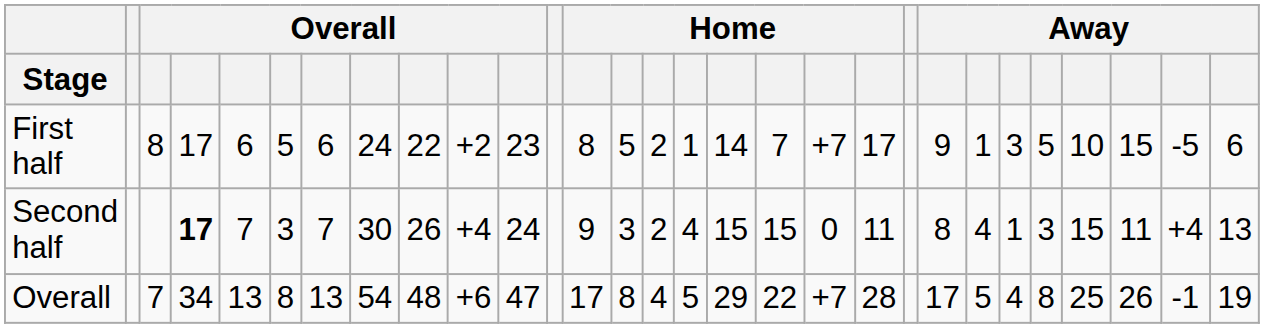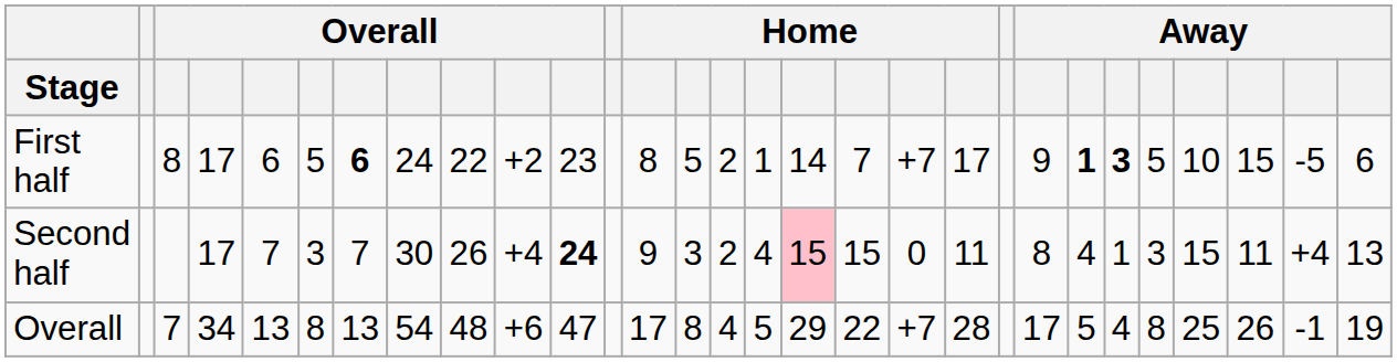 <table class="wikitable" style="text-align: center;">
 <tr>
 <th rawspan=1></th>
 <th rawspan=1></th>
 <th colspan=9>Overall</th>
 <th rawspan=1></th>
 <th colspan=8>Home</th>
 <th rawspan=1></th>
 <th colspan=8>Away</th>
 </tr>
 <tr>
 <th>Stage</th>
 <th></th>
 <th></th>
 <th></th>
 <th></th>
 <th></th>
 <th></th>
 <th></th>
 <th></th>
 <th></th>
 <th></th>
 <th></th>
 <th></th>
 <th></th>
 <th></th>
 <th></th>
 <th></th>
 <th></th>
 <th></th>
 <th></th>
 <th></th>
 <th></th>
 <th></th>
 <th></th>
 <th></th>
 <th></th>
 <th></th>
 <th></th>
 <th></th>
 </tr>
 <tr>
 <td align="left">First half</td>
 <td></td>
 <td>8</td>
 <td>17</td>
 <td>6</td>
 <td>5</td>
-<td>6</td>
+<td><strong>6</strong></td>
 <td>24</td>
 <td>22</td>
 <td>+2</td>
 <td>23</td>
 <td></td>
 <td>8</td>
 <td>5</td>
 <td>2</td>
 <td>1</td>
 <td>14</td>
 <td>7</td>
 <td>+7</td>
 <td>17</td>
 <td></td>
 <td>9</td>
-<td>1</td>
-<td>3</td>
+<td><strong>1</strong></td>
+<td><strong>3</strong></td>
 <td>5</td>
 <td>10</td>
 <td>15</td>
 <td>-5</td>
 <td>6</td>
 </tr>
 <tr>
 <td align="left">Second half</td>
 <td></td>
 <td></td>
-<td><strong>17</strong></td>
+<td>17</td>
 <td>7</td>
 <td>3</td>
 <td>7</td>
 <td>30</td>
 <td>26</td>
 <td>+4</td>
-<td>24</td>
+<td><strong>24</strong></td>
 <td></td>
 <td>9</td>
 <td>3</td>
 <td>2</td>
 <td>4</td>
-<td>15</td>
+<td style="background: pink;">15</td>
 <td>15</td>
 <td>0</td>
 <td>11</td>
 <td></td>
 <td>8</td>
 <td>4</td>
 <td>1</td>
 <td>3</td>
 <td>15</td>
 <td>11</td>
 <td>+4</td>
 <td>13</td>
 </tr>
 <tr>
 <td align="left">Overall</td>
 <td></td>
 <td>7</td>
 <td>34</td>
 <td>13</td>
 <td>8</td>
 <td>13</td>
 <td>54</td>
 <td>48</td>
 <td>+6</td>
 <td>47</td>
 <td></td>
 <td>17</td>
 <td>8</td>
 <td>4</td>
 <td>5</td>
 <td>29</td>
 <td>22</td>
 <td>+7</td>
 <td>28</td>
 <td></td>
 <td>17</td>
 <td>5</td>
 <td>4</td>
 <td>8</td>
 <td>25</td>
 <td>26</td>
 <td>-1</td>
 <td>19</td>
 </tr>
 </table>
